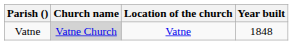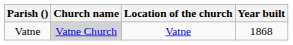 <table class="wikitable" style="text-align:center">
 <tr>
 <th>Parish ()</th>
 <th>Church name</th>
 <th>Location of the church</th>
 <th>Year built</th>
 </tr>
 <tr>
 <td rowspan="1">Vatne</td>
 <td style="background: lightgrey;"><a href='#'>Vatne Church</a></td>
 <td><a href='#'>Vatne</a></td>
-<td>1848</td>
+<td>1868</td>
 </tr>
 </table>
